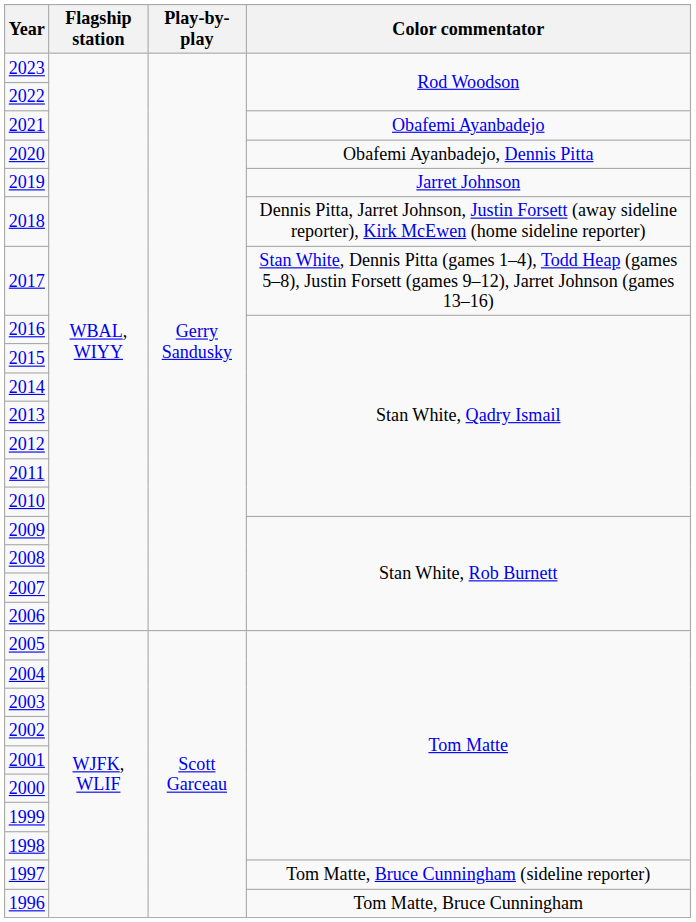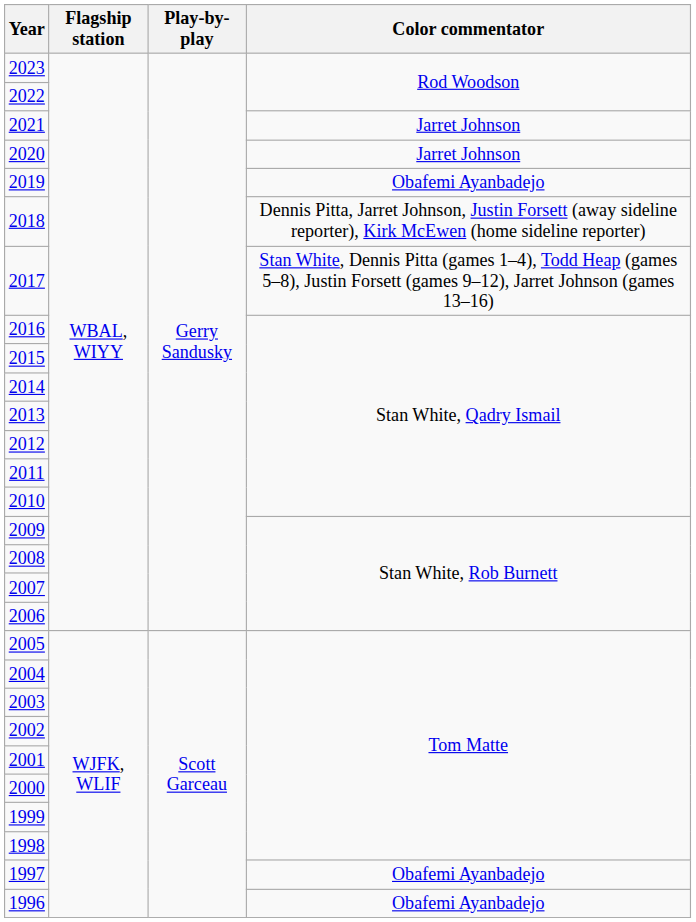 <table class="wikitable" style="text-align: center;">
 <tr>
 <th>Year</th>
 <th>Flagship station</th>
 <th>Play-by-play</th>
 <th>Color commentator</th>
 </tr>
 <tr>
 <td><a href='#'>2023</a></td>
 <td rowspan=18><a href='#'>WBAL</a>, <a href='#'>WIYY</a></td>
 <td rowspan=18><a href='#'>Gerry Sandusky</a></td>
 <td rowspan=2><a href='#'>Rod Woodson</a></td>
 </tr>
 <tr>
 <td><a href='#'>2022</a></td>
 </tr>
 <tr>
 <td><a href='#'>2021</a></td>
-<td><a href='#'>Obafemi Ayanbadejo</a></td>
+<td><a href='#'>Jarret Johnson</a></td>
 </tr>
 <tr>
 <td><a href='#'>2020</a></td>
-<td>Obafemi Ayanbadejo, <a href='#'>Dennis Pitta</a></td>
+<td><a href='#'>Jarret Johnson</a></td>
 </tr>
 <tr>
 <td><a href='#'>2019</a></td>
-<td><a href='#'>Jarret Johnson</a></td>
+<td><a href='#'>Obafemi Ayanbadejo</a></td>
 </tr>
 <tr>
 <td><a href='#'>2018</a></td>
 <td>Dennis Pitta, Jarret Johnson, <a href='#'>Justin Forsett</a> (away sideline reporter), <a href='#'>Kirk McEwen</a> (home sideline reporter)</td>
 </tr>
 <tr>
 <td><a href='#'>2017</a></td>
 <td><a href='#'>Stan White</a>, Dennis Pitta (games 1–4), <a href='#'>Todd Heap</a> (games 5–8), Justin Forsett (games 9–12), Jarret Johnson (games 13–16)</td>
 </tr>
 <tr>
 <td><a href='#'>2016</a></td>
 <td rowspan=7>Stan White, <a href='#'>Qadry Ismail</a></td>
 </tr>
 <tr>
 <td><a href='#'>2015</a></td>
 </tr>
 <tr>
 <td><a href='#'>2014</a></td>
 </tr>
 <tr>
 <td><a href='#'>2013</a></td>
 </tr>
 <tr>
 <td><a href='#'>2012</a></td>
 </tr>
 <tr>
 <td><a href='#'>2011</a></td>
 </tr>
 <tr>
 <td><a href='#'>2010</a></td>
 </tr>
 <tr>
 <td><a href='#'>2009</a></td>
 <td rowspan=4>Stan White, <a href='#'>Rob Burnett</a></td>
 </tr>
 <tr>
 <td><a href='#'>2008</a></td>
 </tr>
 <tr>
 <td><a href='#'>2007</a></td>
 </tr>
 <tr>
 <td><a href='#'>2006</a></td>
 </tr>
 <tr>
 <td><a href='#'>2005</a></td>
 <td rowspan=10><a href='#'>WJFK</a>, <a href='#'>WLIF</a></td>
 <td rowspan=10><a href='#'>Scott Garceau</a></td>
 <td rowspan=8><a href='#'>Tom Matte</a></td>
 </tr>
 <tr>
 <td><a href='#'>2004</a></td>
 </tr>
 <tr>
 <td><a href='#'>2003</a></td>
 </tr>
 <tr>
 <td><a href='#'>2002</a></td>
 </tr>
 <tr>
 <td><a href='#'>2001</a></td>
 </tr>
 <tr>
 <td><a href='#'>2000</a></td>
 </tr>
 <tr>
 <td><a href='#'>1999</a></td>
 </tr>
 <tr>
 <td><a href='#'>1998</a></td>
 </tr>
 <tr>
 <td><a href='#'>1997</a></td>
-<td>Tom Matte, <a href='#'>Bruce Cunningham</a> (sideline reporter)</td>
+<td><a href='#'>Obafemi Ayanbadejo</a></td>
 </tr>
 <tr>
 <td><a href='#'>1996</a></td>
-<td>Tom Matte, Bruce Cunningham</td>
+<td><a href='#'>Obafemi Ayanbadejo</a></td>
 </tr>
 </table>
